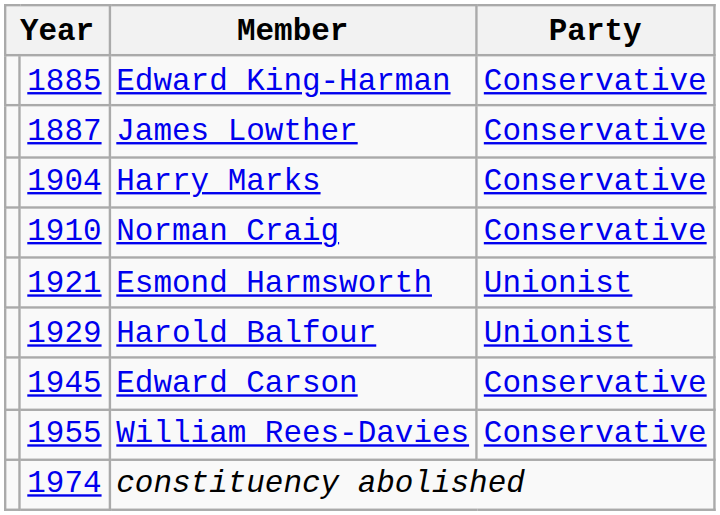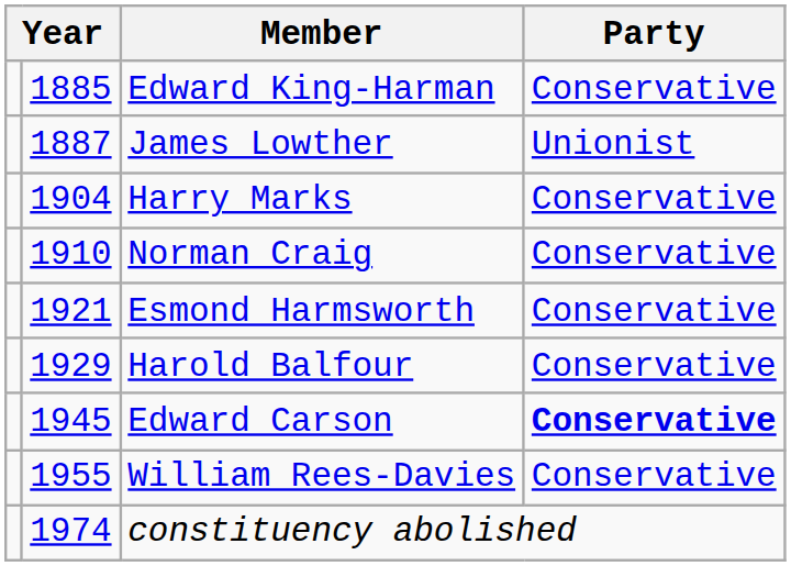 <table class="wikitable">
 <tr>
 <th colspan="2">Year</th>
 <th>Member</th>
 <th>Party</th>
 </tr>
 <tr>
 <td style="color:inherit;background-color: "></td>
 <td><a href='#'>1885</a></td>
 <td><a href='#'>Edward King-Harman</a></td>
 <td><a href='#'>Conservative</a></td>
 </tr>
 <tr>
 <td style="color:inherit;background-color: "></td>
 <td><a href='#'>1887</a></td>
 <td><a href='#'>James Lowther</a></td>
-<td><a href='#'>Conservative</a></td>
+<td><a href='#'>Unionist</a></td>
 </tr>
 <tr>
 <td style="color:inherit;background-color: "></td>
 <td><a href='#'>1904</a></td>
 <td><a href='#'>Harry Marks</a></td>
 <td><a href='#'>Conservative</a></td>
 </tr>
 <tr>
 <td style="color:inherit;background-color: "></td>
 <td><a href='#'>1910</a></td>
 <td><a href='#'>Norman Craig</a></td>
 <td><a href='#'>Conservative</a></td>
 </tr>
 <tr>
 <td style="color:inherit;background-color: "></td>
 <td><a href='#'>1921</a></td>
 <td><a href='#'>Esmond Harmsworth</a></td>
-<td><a href='#'>Unionist</a></td>
+<td><a href='#'>Conservative</a></td>
 </tr>
 <tr>
 <td style="color:inherit;background-color: "></td>
 <td><a href='#'>1929</a></td>
 <td><a href='#'>Harold Balfour</a></td>
-<td><a href='#'>Unionist</a></td>
+<td><a href='#'>Conservative</a></td>
 </tr>
 <tr>
 <td style="color:inherit;background-color: "></td>
 <td><a href='#'>1945</a></td>
 <td><a href='#'>Edward Carson</a></td>
-<td><a href='#'>Conservative</a></td>
+<td><strong><a href='#'>Conservative</a></strong></td>
 </tr>
 <tr>
 <td style="color:inherit;background-color: "></td>
 <td><a href='#'>1955</a></td>
 <td><a href='#'>William Rees-Davies</a></td>
 <td><a href='#'>Conservative</a></td>
 </tr>
 <tr>
 <td></td>
 <td><a href='#'>1974</a></td>
 <td colspan="2"><em>constituency abolished</em></td>
 </tr>
 </table>
